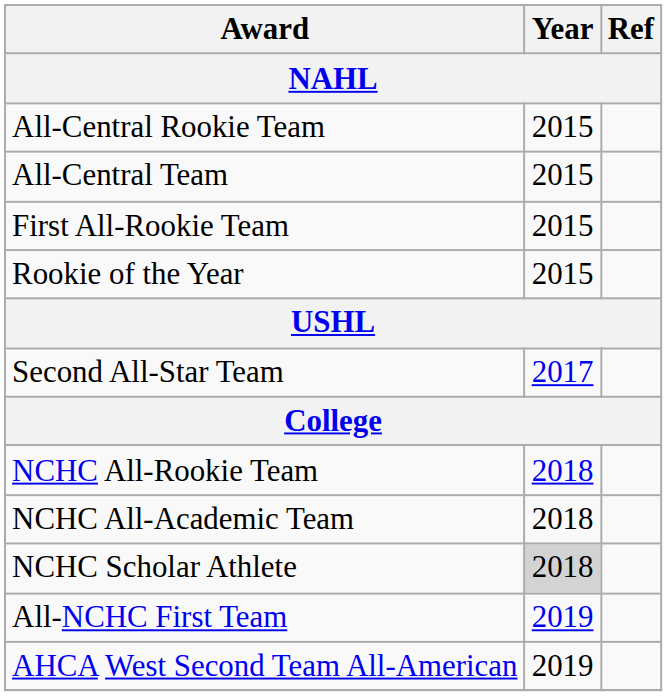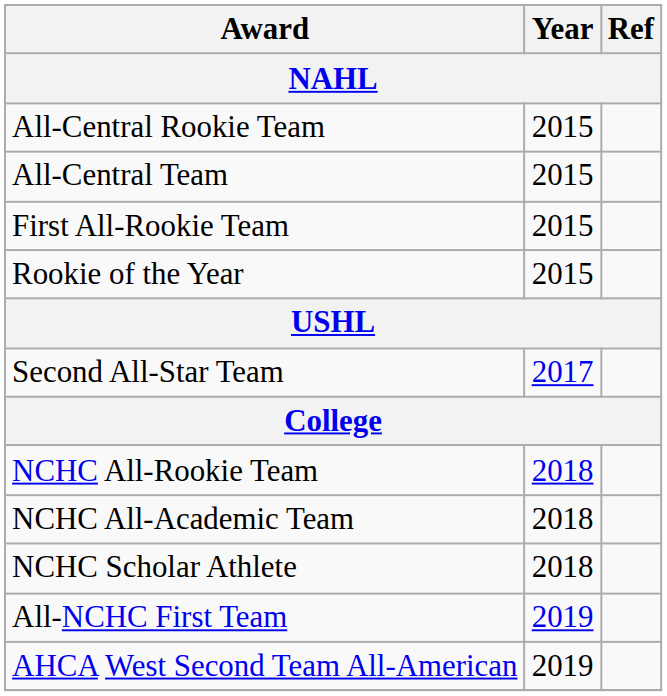 <table class="wikitable">
 <tr>
 <th>Award</th>
 <th>Year</th>
 <th>Ref</th>
 </tr>
 <tr>
 <th colspan="3"><a href='#'>NAHL</a></th>
 </tr>
 <tr>
 <td>All-Central Rookie Team</td>
 <td>2015</td>
 <td></td>
 </tr>
 <tr>
 <td>All-Central Team</td>
 <td>2015</td>
 <td></td>
 </tr>
 <tr>
 <td>First All-Rookie Team</td>
 <td>2015</td>
 <td></td>
 </tr>
 <tr>
 <td>Rookie of the Year</td>
 <td>2015</td>
 <td></td>
 </tr>
 <tr>
 <th colspan="3"><a href='#'>USHL</a></th>
 </tr>
 <tr>
 <td>Second All-Star Team</td>
 <td><a href='#'>2017</a></td>
 <td></td>
 </tr>
 <tr>
 <th colspan="3"><a href='#'>College</a></th>
 </tr>
 <tr>
 <td><a href='#'>NCHC</a> All-Rookie Team</td>
 <td><a href='#'>2018</a></td>
 <td></td>
 </tr>
 <tr>
 <td>NCHC All-Academic Team</td>
 <td>2018</td>
 <td></td>
 </tr>
 <tr>
 <td>NCHC Scholar Athlete</td>
-<td style="background: lightgrey;">2018</td>
+<td>2018</td>
 <td></td>
 </tr>
 <tr>
 <td>All-<a href='#'>NCHC First Team</a></td>
 <td><a href='#'>2019</a></td>
 <td></td>
 </tr>
 <tr>
 <td><a href='#'>AHCA</a> <a href='#'>West Second Team All-American</a></td>
 <td>2019</td>
 <td></td>
 </tr>
 <tr>
 </tr>
 </table>
